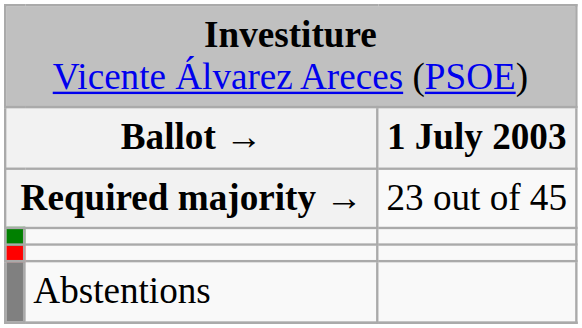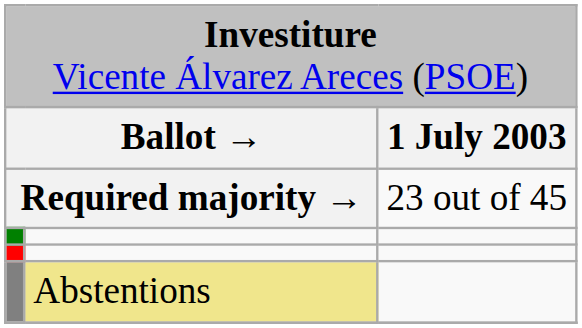 <table class="wikitable" style="text-align:center; font-size:98%;">
 <tr>
 <td colspan="4" align="center" bgcolor="#C0C0C0"><strong>Investiture</strong><br><a href='#'>Vicente Álvarez Areces</a> (<a href='#'>PSOE</a>)</td>
 </tr>
 <tr>
 <th colspan="2" width="150px">Ballot →</th>
 <th>1 July 2003</th>
 </tr>
 <tr>
 <th colspan="2">Required majority →</th>
 <td>23 out of 45 </td>
 </tr>
 <tr>
 <th width="1px" style="background:green;"></th>
 <td align="left"></td>
 <td></td>
 </tr>
 <tr>
 <th style="background:red;"></th>
 <td align="left"></td>
 <td></td>
 </tr>
 <tr>
 <th style="background:gray;"></th>
-<td align="left">Abstentions</td>
+<td align="left" style="background: khaki;">Abstentions</td>
 <td></td>
 </tr>
 <tr>
 </tr>
 </table>
